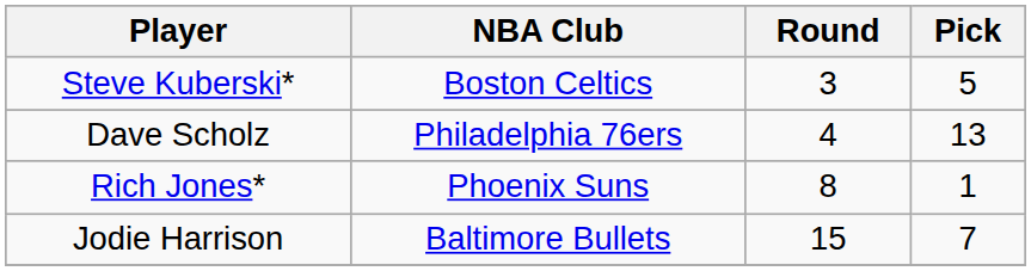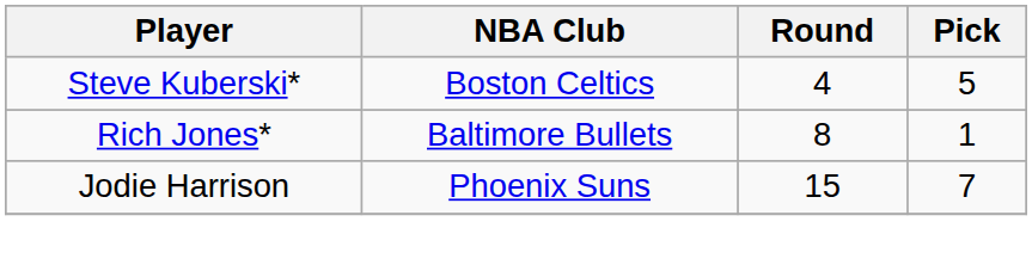 <table class="wikitable" width="500">
 <tr>
 <th>Player</th>
 <th>NBA Club</th>
 <th>Round</th>
 <th>Pick</th>
 </tr>
 <tr align="center" bgcolor="">
 <td><a href='#'>Steve Kuberski</a>*</td>
 <td><a href='#'>Boston Celtics</a></td>
-<td>3</td>
+<td>4</td>
 <td>5</td>
 </tr>
 <tr align="center" bgcolor="">
-<td>Dave Scholz</td>
-<td><a href='#'>Philadelphia 76ers</a></td>
-<td>4</td>
-<td>13</td>
-</tr>
-<tr align="center" bgcolor="">
 <td><a href='#'>Rich Jones</a>*</td>
-<td><a href='#'>Phoenix Suns</a></td>
+<td><a href='#'>Baltimore Bullets</a></td>
 <td>8</td>
 <td>1</td>
 </tr>
 <tr align="center" bgcolor="">
 <td>Jodie Harrison</td>
-<td><a href='#'>Baltimore Bullets</a></td>
+<td><a href='#'>Phoenix Suns</a></td>
 <td>15</td>
 <td>7</td>
 </tr>
 <tr align="center" bgcolor="">
 </tr>
 </table>
